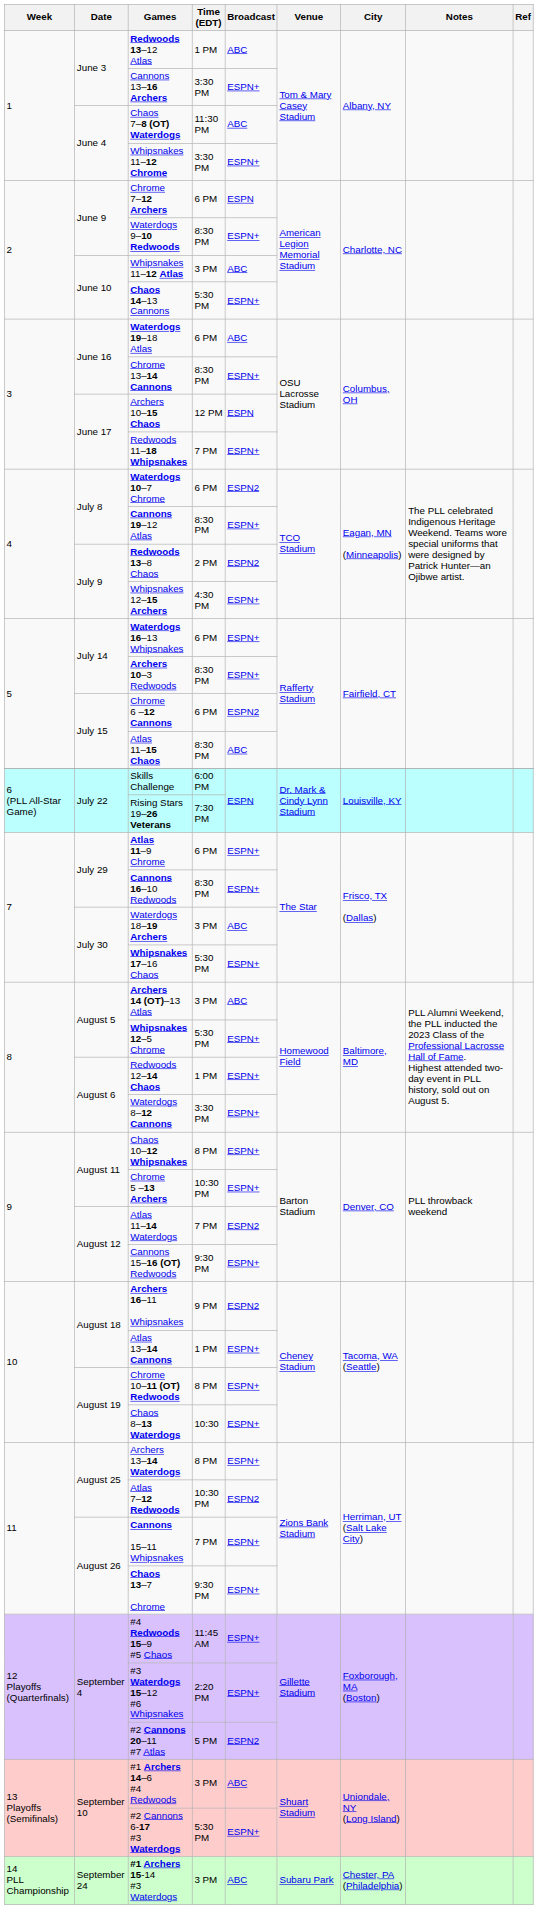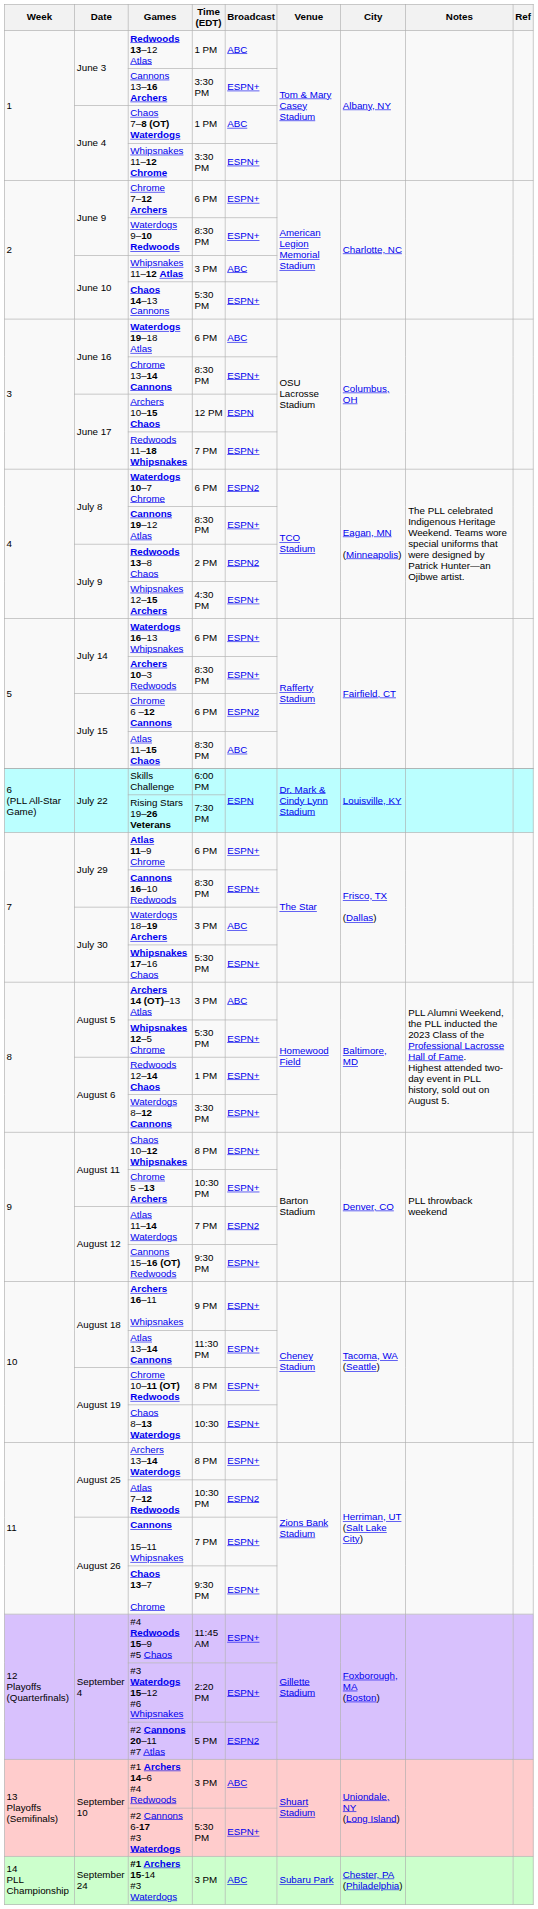 <table class="wikitable">
 <tr>
 <th><strong>Week</strong></th>
 <th><strong>Date</strong></th>
 <th><strong>Games</strong></th>
 <th><strong>Time (EDT)</strong></th>
 <th>Broadcast </th>
 <th>Venue</th>
 <th>City</th>
 <th>Notes</th>
 <th>Ref</th>
 </tr>
 <tr>
 <td rowspan="4">1</td>
 <td rowspan="2">June 3</td>
 <td><a href='#'><strong>Redwoods</strong></a><br><strong>13</strong>–12<br><a href='#'>Atlas</a></td>
 <td>1 PM</td>
 <td><a href='#'>ABC</a></td>
 <td rowspan="4"><a href='#'>Tom & Mary Casey Stadium</a></td>
 <td rowspan="4"><a href='#'>Albany, NY</a></td>
 <td rowspan="4"></td>
 <td rowspan="4"></td>
 </tr>
 <tr>
 <td><a href='#'>Cannons</a><br>13–<strong>16</strong><br><a href='#'><strong>Archers</strong></a></td>
 <td>3:30 PM</td>
 <td><a href='#'>ESPN+</a></td>
 </tr>
 <tr>
 <td rowspan="2">June 4</td>
 <td><a href='#'>Chaos</a><br>7–<strong>8 (OT)</strong><br><a href='#'><strong>Waterdogs</strong></a></td>
-<td>11:30 PM</td>
+<td>1 PM</td>
 <td><a href='#'>ABC</a></td>
 </tr>
 <tr>
 <td><a href='#'>Whipsnakes</a><br>11–<strong>12</strong><br><a href='#'><strong>Chrome</strong></a></td>
 <td>3:30 PM</td>
 <td><a href='#'>ESPN+</a></td>
 </tr>
 <tr>
 <td rowspan="4">2</td>
 <td rowspan="2">June 9</td>
 <td><a href='#'>Chrome</a><br>7–<strong>12</strong> <a href='#'><strong>Archers</strong></a></td>
 <td>6 PM</td>
-<td><a href='#'>ESPN</a></td>
+<td><a href='#'>ESPN+</a></td>
 <td rowspan="4"><a href='#'>American Legion Memorial Stadium</a></td>
 <td rowspan="4"><a href='#'>Charlotte, NC</a></td>
 <td rowspan="4"></td>
 <td rowspan="4"></td>
 </tr>
 <tr>
 <td><a href='#'>Waterdogs</a><br>9–<strong>10</strong> <a href='#'><strong>Redwoods</strong></a></td>
 <td>8:30 PM</td>
 <td><a href='#'>ESPN+</a></td>
 </tr>
 <tr>
 <td rowspan="2">June 10</td>
 <td><a href='#'>Whipsnakes</a><br>11–<strong>12</strong> <a href='#'><strong>Atlas</strong></a></td>
 <td>3 PM</td>
 <td><a href='#'>ABC</a></td>
 </tr>
 <tr>
 <td><a href='#'><strong>Chaos</strong></a><br><strong>14</strong>–13 <a href='#'>Cannons</a></td>
 <td>5:30 PM</td>
 <td><a href='#'>ESPN+</a></td>
 </tr>
 <tr>
 <td rowspan="4">3</td>
 <td rowspan="2">June 16</td>
 <td><a href='#'><strong>Waterdogs</strong></a><br><strong>19</strong>–18 <br> <a href='#'>Atlas</a></td>
 <td>6 PM</td>
 <td><a href='#'>ABC</a></td>
 <td rowspan="4">OSU Lacrosse Stadium</td>
 <td rowspan="4"><a href='#'>Columbus, OH</a></td>
 <td rowspan="4"></td>
 <td rowspan="4"></td>
 </tr>
 <tr>
 <td><a href='#'>Chrome</a><br>13–<strong>14</strong> <a href='#'><strong>Cannons</strong></a></td>
 <td>8:30 PM</td>
 <td><a href='#'>ESPN+</a></td>
 </tr>
 <tr>
 <td rowspan="2">June 17</td>
 <td><a href='#'>Archers</a><br>10–<strong>15</strong> <a href='#'><strong>Chaos</strong></a></td>
 <td>12 PM</td>
 <td><a href='#'>ESPN</a></td>
 </tr>
 <tr>
 <td><a href='#'>Redwoods</a><br>11–<strong>18</strong> <a href='#'><strong>Whipsnakes</strong></a></td>
 <td>7 PM</td>
 <td><a href='#'>ESPN+</a></td>
 </tr>
 <tr>
 <td rowspan="4">4</td>
 <td rowspan="2">July 8</td>
 <td><a href='#'><strong>Waterdogs</strong></a><br><strong>10</strong>–7<br><a href='#'>Chrome</a></td>
 <td>6 PM</td>
 <td><a href='#'>ESPN2</a></td>
 <td rowspan="4"><a href='#'>TCO Stadium</a></td>
 <td rowspan="4"><a href='#'>Eagan, MN</a><br><br>(<a href='#'>Minneapolis</a>)</td>
 <td rowspan="4">The PLL celebrated Indigenous Heritage Weekend. Teams wore special uniforms that were designed by Patrick Hunter—an Ojibwe artist.</td>
 <td rowspan="4"></td>
 </tr>
 <tr>
 <td><a href='#'><strong>Cannons</strong></a><br><strong>19</strong>–12<br><a href='#'>Atlas</a></td>
 <td>8:30 PM</td>
 <td><a href='#'>ESPN+</a></td>
 </tr>
 <tr>
 <td rowspan="2">July 9</td>
 <td><a href='#'><strong>Redwoods</strong></a><br><strong>13</strong>–8<br><a href='#'>Chaos</a></td>
 <td>2 PM</td>
 <td><a href='#'>ESPN2</a></td>
 </tr>
 <tr>
 <td><a href='#'>Whipsnakes</a><br>12–<strong>15</strong><br><a href='#'><strong>Archers</strong></a></td>
 <td>4:30 PM</td>
 <td><a href='#'>ESPN+</a></td>
 </tr>
 <tr>
 <td rowspan="4">5</td>
 <td rowspan="2">July 14</td>
 <td><strong><a href='#'>Waterdogs</a><br>16</strong>–13<br><a href='#'>Whipsnakes</a></td>
 <td>6 PM</td>
 <td><a href='#'>ESPN+</a></td>
 <td rowspan="4"><a href='#'>Rafferty Stadium</a></td>
 <td rowspan="4"><a href='#'>Fairfield, CT</a></td>
 <td rowspan="4"></td>
 <td rowspan="4"></td>
 </tr>
 <tr>
 <td><strong><a href='#'>Archers</a><br>10</strong>–3<br><a href='#'>Redwoods</a></td>
 <td>8:30 PM</td>
 <td><a href='#'>ESPN+</a></td>
 </tr>
 <tr>
 <td rowspan="2">July 15</td>
 <td><a href='#'>Chrome</a><br>6 –<strong>12</strong><br><a href='#'><strong>Cannons</strong></a></td>
 <td>6 PM</td>
 <td><a href='#'>ESPN2</a></td>
 </tr>
 <tr>
 <td><a href='#'>Atlas</a><br>11–<strong>15</strong><br><a href='#'><strong>Chaos</strong></a></td>
 <td>8:30 PM</td>
 <td><a href='#'>ABC</a></td>
 </tr>
 <tr>
 </tr>
 <tr style="background:#bff">
 <td rowspan="2">6<br>(PLL All-Star  Game)</td>
 <td rowspan="2">July 22</td>
 <td>Skills Challenge</td>
 <td>6:00 PM</td>
 <td rowspan="2"><a href='#'>ESPN</a></td>
 <td rowspan="2"><a href='#'>Dr. Mark & Cindy Lynn Stadium</a></td>
 <td rowspan="2"><a href='#'>Louisville, KY</a></td>
 <td rowspan="2"></td>
 <td rowspan="2"></td>
 </tr>
 <tr style="background:#bff">
 <td>Rising Stars<br>19–<strong>26</strong><br><strong>Veterans</strong></td>
 <td>7:30 PM</td>
 </tr>
 <tr>
 <td rowspan="4">7</td>
 <td rowspan="2">July 29</td>
 <td><a href='#'><strong>Atlas</strong></a><br><strong>11</strong>–9<br><a href='#'>Chrome</a></td>
 <td>6 PM</td>
 <td><a href='#'>ESPN+</a></td>
 <td rowspan="4"><a href='#'>The Star</a></td>
 <td rowspan="4"><a href='#'>Frisco, TX</a><br><br>(<a href='#'>Dallas</a>)</td>
 <td rowspan="4"></td>
 <td rowspan="4"></td>
 </tr>
 <tr>
 <td><a href='#'><strong>Cannons</strong></a><br><strong>16</strong>–10<br><a href='#'>Redwoods</a></td>
 <td>8:30 PM</td>
 <td><a href='#'>ESPN+</a></td>
 </tr>
 <tr>
 <td rowspan="2">July 30</td>
 <td><a href='#'>Waterdogs</a><br>18–<strong>19</strong><br><a href='#'><strong>Archers</strong></a></td>
 <td>3 PM</td>
 <td><a href='#'>ABC</a></td>
 </tr>
 <tr>
 <td><a href='#'><strong>Whipsnakes</strong></a><br><strong>17</strong>–16<br><a href='#'>Chaos</a></td>
 <td>5:30 PM</td>
 <td><a href='#'>ESPN+</a></td>
 </tr>
 <tr>
 <td rowspan="4">8</td>
 <td rowspan="2">August 5</td>
 <td><a href='#'><strong>Archers</strong></a><br><strong>14 (OT)</strong>–13<br><a href='#'>Atlas</a></td>
 <td>3 PM</td>
 <td><a href='#'>ABC</a></td>
 <td rowspan="4"><a href='#'>Homewood Field</a></td>
 <td rowspan="4"><a href='#'>Baltimore, MD</a></td>
 <td rowspan="4">PLL Alumni Weekend, the PLL inducted the 2023 Class of the <a href='#'>Professional Lacrosse Hall of Fame</a>.<br>Highest attended two-day event in PLL history, sold out on August 5.</td>
 <td rowspan="4"></td>
 </tr>
 <tr>
 <td><a href='#'><strong>Whipsnakes</strong></a><br><strong>12</strong>–5<br><a href='#'>Chrome</a></td>
 <td>5:30 PM</td>
 <td><a href='#'>ESPN+</a></td>
 </tr>
 <tr>
 <td rowspan="2">August 6</td>
 <td><a href='#'>Redwoods</a><br>12–<strong>14</strong><br><a href='#'><strong>Chaos</strong></a></td>
 <td>1 PM</td>
 <td><a href='#'>ESPN+</a></td>
 </tr>
 <tr>
 <td><a href='#'>Waterdogs</a><br>8–<strong>12</strong><br><a href='#'><strong>Cannons</strong></a></td>
 <td>3:30 PM</td>
 <td><a href='#'>ESPN+</a></td>
 </tr>
 <tr>
 <td rowspan="4">9</td>
 <td rowspan="2">August 11</td>
 <td><a href='#'>Chaos</a><br>10–<strong>12</strong><br><a href='#'><strong>Whipsnakes</strong></a></td>
 <td>8 PM</td>
 <td><a href='#'>ESPN+</a></td>
 <td rowspan="4">Barton Stadium</td>
 <td rowspan="4"><a href='#'>Denver, CO</a></td>
 <td rowspan="4">PLL throwback weekend</td>
 <td rowspan="4"></td>
 </tr>
 <tr>
 <td><a href='#'>Chrome</a><br>5 –<strong>13</strong><br><a href='#'><strong>Archers</strong></a></td>
 <td>10:30 PM</td>
 <td><a href='#'>ESPN+</a></td>
 </tr>
 <tr>
 <td rowspan="2">August 12</td>
 <td><a href='#'>Atlas</a><br>11–<strong>14</strong><br><a href='#'>Waterdogs</a></td>
 <td>7 PM</td>
 <td><a href='#'>ESPN2</a></td>
 </tr>
 <tr>
 <td><a href='#'>Cannons</a><br>15–<strong>16 (OT)</strong><br><a href='#'>Redwoods</a></td>
 <td>9:30 PM</td>
 <td><a href='#'>ESPN+</a></td>
 </tr>
 <tr>
 <td rowspan="4">10</td>
 <td rowspan="2">August 18</td>
 <td><strong><a href='#'>Archers</a><br>16</strong>–11<br><br><a href='#'>Whipsnakes</a></td>
 <td>9 PM</td>
-<td><a href='#'>ESPN2</a></td>
+<td><a href='#'>ESPN+</a></td>
 <td rowspan="4"><a href='#'>Cheney Stadium</a></td>
 <td rowspan="4"><a href='#'>Tacoma, WA</a><br> (<a href='#'>Seattle</a>)</td>
 <td rowspan="4"></td>
 <td rowspan="4"></td>
 </tr>
 <tr>
 <td><a href='#'>Atlas</a><br>13–<strong>14</strong><br><strong><a href='#'>Cannons</a></strong></td>
-<td>1 PM</td>
+<td>11:30 PM</td>
 <td><a href='#'>ESPN+</a></td>
 </tr>
 <tr>
 <td rowspan="2">August 19</td>
 <td><a href='#'>Chrome</a><br>10–<strong>11 (OT)</strong><br><strong><a href='#'>Redwoods</a></strong></td>
 <td>8 PM</td>
 <td><a href='#'>ESPN+</a></td>
 </tr>
 <tr>
 <td><a href='#'>Chaos</a><br>8–<strong>13</strong><br><strong><a href='#'>Waterdogs</a></strong></td>
 <td>10:30</td>
 <td><a href='#'>ESPN+</a></td>
 </tr>
 <tr>
 <td rowspan="4">11</td>
 <td rowspan="2">August 25</td>
 <td><a href='#'>Archers</a><br>13–<strong>14</strong><br><strong><a href='#'>Waterdogs</a></strong></td>
 <td>8 PM</td>
 <td><a href='#'>ESPN+</a></td>
 <td rowspan="4"><a href='#'>Zions Bank Stadium</a></td>
 <td rowspan="4"><a href='#'>Herriman, UT</a><br> (<a href='#'>Salt Lake City</a>)</td>
 <td rowspan="4"></td>
 <td rowspan="4"></td>
 </tr>
 <tr>
 <td><a href='#'>Atlas</a><br>7–<strong>12</strong><br><strong><a href='#'>Redwoods</a></strong></td>
 <td>10:30 PM</td>
 <td><a href='#'>ESPN2</a></td>
 </tr>
 <tr>
 <td rowspan="2">August 26</td>
 <td><strong><a href='#'>Cannons</a></strong> <br><br>15–11<br><a href='#'>Whipsnakes</a></td>
 <td>7 PM</td>
 <td><a href='#'>ESPN+</a></td>
 </tr>
 <tr>
 <td><strong><a href='#'>Chaos</a><br> 13</strong>–7<br><br><a href='#'>Chrome</a></td>
 <td>9:30 PM</td>
 <td><a href='#'>ESPN+</a></td>
 </tr>
 <tr style="background:#D8C1FD">
 <td rowspan="3">12<br>Playoffs (Quarterfinals)</td>
 <td rowspan="3">September 4</td>
 <td>#4 <strong><a href='#'>Redwoods</a></strong><br><strong>15</strong>–9<br>#5 <a href='#'>Chaos</a></td>
 <td>11:45 AM</td>
 <td><a href='#'>ESPN+</a></td>
 <td rowspan="3"><a href='#'>Gillette Stadium</a></td>
 <td rowspan="3"><a href='#'>Foxborough, MA</a><br>(<a href='#'>Boston</a>)</td>
 <td rowspan="3"></td>
 <td rowspan="3"></td>
 </tr>
 <tr style="background:#D8C1FD">
 <td>#3 <strong><a href='#'>Waterdogs</a></strong><br><strong>15</strong>–12<br>#6 <a href='#'>Whipsnakes</a></td>
 <td>2:20 PM</td>
 <td><a href='#'>ESPN+</a></td>
 </tr>
 <tr style="background:#D8C1FD">
 <td>#2 <strong><a href='#'>Cannons</a></strong><br><strong>20</strong>–11<br>#7 <a href='#'>Atlas</a></td>
 <td>5 PM</td>
 <td><a href='#'>ESPN2</a></td>
 </tr>
 <tr style="background:#fcc">
 <td rowspan="2">13<br>Playoffs (Semifinals)</td>
 <td rowspan="2">September 10</td>
 <td>#1 <strong><a href='#'>Archers</a></strong><br><strong>14</strong>–6<br>#4 <a href='#'>Redwoods</a></td>
 <td>3 PM</td>
 <td><a href='#'>ABC</a></td>
 <td rowspan="2"><a href='#'>Shuart Stadium</a></td>
 <td rowspan="2"><a href='#'>Uniondale, NY</a><br>(<a href='#'>Long Island</a>)</td>
 <td rowspan="2"></td>
 <td rowspan="2"></td>
 </tr>
 <tr style="background:#fcc">
 <td>#2 <a href='#'>Cannons</a><br>6-<strong>17</strong><br>#3 <strong><a href='#'>Waterdogs</a></strong></td>
 <td>5:30 PM</td>
 <td><a href='#'>ESPN+</a></td>
 </tr>
 <tr style="background:#cfc">
 <td>14<br>PLL Championship</td>
 <td>September 24</td>
 <td><strong>#1 <a href='#'>Archers</a><br>15</strong>-14<br>#3 <a href='#'>Waterdogs</a></td>
 <td>3 PM</td>
 <td><a href='#'>ABC</a></td>
 <td><a href='#'>Subaru Park</a></td>
 <td><a href='#'>Chester, PA</a> <br>(<a href='#'>Philadelphia</a>)</td>
 <td></td>
 <td></td>
 </tr>
 </table>
